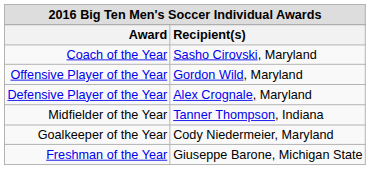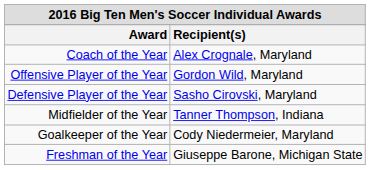 <table class="wikitable" style="white-space:nowrap; font-size:90%;">
 <tr>
 <td colspan="7" style="text-align:center; background:#ddd;"><strong>2016 Big Ten Men's Soccer Individual Awards</strong></td>
 </tr>
 <tr>
 </tr>
 <tr>
 <th style="text-align:right;">Award</th>
 <th style="text-align:left;">Recipient(s)</th>
 </tr>
 <tr>
 <td style="text-align:right;"><a href='#'>Coach of the Year</a></td>
-<td style="text-align:left;"><a href='#'>Sasho Cirovski</a>, Maryland</td>
+<td style="text-align:left;"><a href='#'>Alex Crognale</a>, Maryland</td>
 </tr>
 <tr>
 <td style="text-align:right;"><a href='#'>Offensive Player of the Year</a></td>
 <td style="text-align:left;"><a href='#'>Gordon Wild</a>, Maryland</td>
 </tr>
 <tr>
 <td style="text-align:right;"><a href='#'>Defensive Player of the Year</a></td>
-<td style="text-align:left;"><a href='#'>Alex Crognale</a>, Maryland</td>
+<td style="text-align:left;"><a href='#'>Sasho Cirovski</a>, Maryland</td>
 </tr>
 <tr>
 <td style="text-align:right;">Midfielder of the Year</td>
 <td style="text-align:left;"><a href='#'>Tanner Thompson</a>, Indiana</td>
 </tr>
 <tr>
 <td style="text-align:right;">Goalkeeper of the Year</td>
 <td style="text-align:left;">Cody Niedermeier, Maryland</td>
 </tr>
 <tr>
 <td style="text-align:right;"><a href='#'>Freshman of the Year</a></td>
 <td style="text-align:left;">Giuseppe Barone, Michigan State</td>
 </tr>
 </table>
